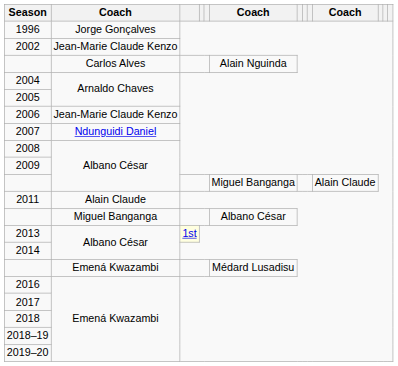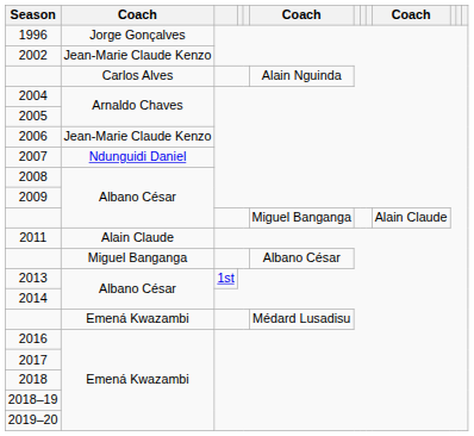 <table class="wikitable" style="text-align:center;">
 <tr>
 <th>Season</th>
 <th>Coach</th>
 <th></th>
 <th></th>
 <th></th>
 <th>Coach</th>
 <th></th>
 <th></th>
 <th></th>
 <th>Coach</th>
 <th></th>
 <th></th>
 <th></th>
 </tr>
 <tr>
 <td>1996</td>
 <td> Jorge Gonçalves</td>
 </tr>
 <tr>
 <td>2002</td>
 <td> Jean-Marie Claude Kenzo</td>
 </tr>
 <tr>
 <td></td>
 <td> Carlos Alves</td>
 <td colspan=3></td>
 <td> Alain Nguinda</td>
 </tr>
 <tr>
 <td>2004</td>
 <td rowspan=2> Arnaldo Chaves</td>
 </tr>
 <tr>
 <td>2005</td>
 </tr>
 <tr>
 <td>2006</td>
 <td> Jean-Marie Claude Kenzo</td>
 </tr>
 <tr>
 <td>2007</td>
 <td> <a href='#'>Ndunguidi Daniel</a></td>
 </tr>
 <tr>
 <td>2008</td>
 <td rowspan=3> Albano César</td>
 </tr>
 <tr>
 <td>2009</td>
 </tr>
 <tr>
 <td></td>
 <td colspan=3></td>
 <td> Miguel Banganga</td>
 <td colspan=3></td>
 <td> Alain Claude</td>
 </tr>
 <tr>
 <td>2011</td>
 <td> Alain Claude</td>
 </tr>
 <tr>
 <td></td>
 <td> Miguel Banganga</td>
 <td colspan=3></td>
 <td> Albano César</td>
 </tr>
 <tr>
 <td>2013</td>
 <td rowspan=2> Albano César</td>
-<td style="background: lightyellow;"><a href='#'>1st</a></td>
+<td><a href='#'>1st</a></td>
 </tr>
 <tr>
 <td>2014</td>
 </tr>
 <tr>
 <td></td>
 <td> Emená Kwazambi</td>
 <td colspan=3></td>
 <td> Médard Lusadisu</td>
 </tr>
 <tr>
 <td>2016</td>
 <td rowspan=5> Emená Kwazambi</td>
 </tr>
 <tr>
 <td>2017</td>
 </tr>
 <tr>
 <td>2018</td>
 </tr>
 <tr>
 <td>2018–19</td>
 </tr>
 <tr>
 <td>2019–20</td>
 </tr>
 </table>
